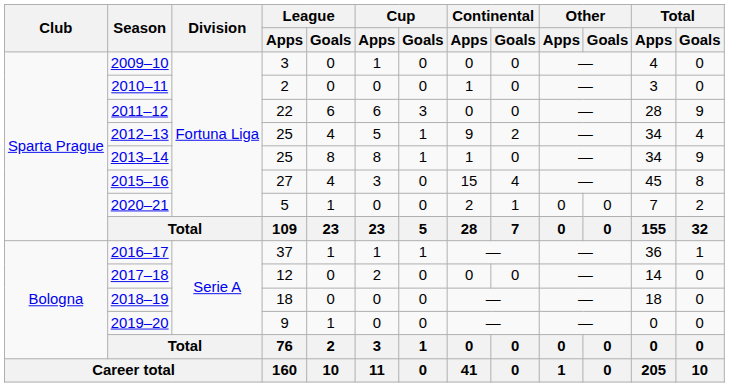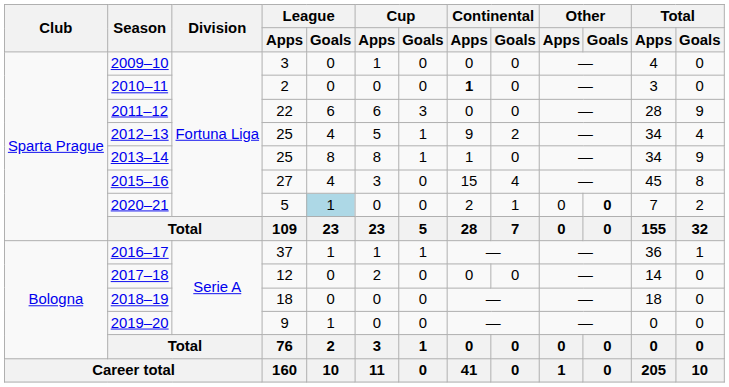 <table class="wikitable" style="text-align:center">
 <tr>
 <th rowspan="2">Club</th>
 <th rowspan="2">Season</th>
 <th rowspan="2">Division</th>
 <th colspan="2">League</th>
 <th colspan="2">Cup</th>
 <th colspan="2">Continental</th>
 <th colspan="2">Other</th>
 <th colspan="2">Total</th>
 </tr>
 <tr>
 <th>Apps</th>
 <th>Goals</th>
 <th>Apps</th>
 <th>Goals</th>
 <th>Apps</th>
 <th>Goals</th>
 <th>Apps</th>
 <th>Goals</th>
 <th>Apps</th>
 <th>Goals</th>
 </tr>
 <tr>
 <td rowspan="8"><a href='#'>Sparta Prague</a></td>
 <td><a href='#'>2009–10</a></td>
 <td rowspan="7"><a href='#'>Fortuna Liga</a></td>
 <td>3</td>
 <td>0</td>
 <td>1</td>
 <td>0</td>
 <td>0</td>
 <td>0</td>
 <td colspan="2">—</td>
 <td>4</td>
 <td>0</td>
 </tr>
 <tr>
 <td><a href='#'>2010–11</a></td>
 <td>2</td>
 <td>0</td>
 <td>0</td>
 <td>0</td>
-<td>1</td>
+<td><strong>1</strong></td>
 <td>0</td>
 <td colspan="2">—</td>
 <td>3</td>
 <td>0</td>
 </tr>
 <tr>
 <td><a href='#'>2011–12</a></td>
 <td>22</td>
 <td>6</td>
 <td>6</td>
 <td>3</td>
 <td>0</td>
 <td>0</td>
 <td colspan="2">—</td>
 <td>28</td>
 <td>9</td>
 </tr>
 <tr>
 <td><a href='#'>2012–13</a></td>
 <td>25</td>
 <td>4</td>
 <td>5</td>
 <td>1</td>
 <td>9</td>
 <td>2</td>
 <td colspan="2">—</td>
 <td>34</td>
 <td>4</td>
 </tr>
 <tr>
 <td><a href='#'>2013–14</a></td>
 <td>25</td>
 <td>8</td>
 <td>8</td>
 <td>1</td>
 <td>1</td>
 <td>0</td>
 <td colspan="2">—</td>
 <td>34</td>
 <td>9</td>
 </tr>
 <tr>
 <td><a href='#'>2015–16</a></td>
 <td>27</td>
 <td>4</td>
 <td>3</td>
 <td>0</td>
 <td>15</td>
 <td>4</td>
 <td colspan="2">—</td>
 <td>45</td>
 <td>8</td>
 </tr>
 <tr>
 <td><a href='#'>2020–21</a></td>
 <td>5</td>
-<td>1</td>
+<td style="background: lightblue;">1</td>
 <td>0</td>
 <td>0</td>
 <td>2</td>
 <td>1</td>
 <td>0</td>
-<td>0</td>
+<td><strong>0</strong></td>
 <td>7</td>
 <td>2</td>
 </tr>
 <tr>
 <th colspan="2">Total</th>
 <th>109</th>
 <th>23</th>
 <th>23</th>
 <th>5</th>
 <th>28</th>
 <th>7</th>
 <th>0</th>
 <th>0</th>
 <th>155</th>
 <th>32</th>
 </tr>
 <tr>
 <td rowspan="5"><a href='#'>Bologna</a></td>
 <td><a href='#'>2016–17</a></td>
 <td rowspan="4"><a href='#'>Serie A</a></td>
 <td>37</td>
 <td>1</td>
 <td>1</td>
 <td>1</td>
 <td colspan="2">—</td>
 <td colspan="2">—</td>
 <td>36</td>
 <td>1</td>
 </tr>
 <tr>
 <td><a href='#'>2017–18</a></td>
 <td>12</td>
 <td>0</td>
 <td>2</td>
 <td>0</td>
 <td>0</td>
 <td>0</td>
 <td colspan="2">—</td>
 <td>14</td>
 <td>0</td>
 </tr>
 <tr>
 <td><a href='#'>2018–19</a></td>
 <td>18</td>
 <td>0</td>
 <td>0</td>
 <td>0</td>
 <td colspan="2">—</td>
 <td colspan="2">—</td>
 <td>18</td>
 <td>0</td>
 </tr>
 <tr>
 <td><a href='#'>2019–20</a></td>
 <td>9</td>
 <td>1</td>
 <td>0</td>
 <td 0>0</td>
 <td colspan="2">—</td>
 <td colspan="2">—</td>
 <td>0</td>
 <td>0</td>
 </tr>
 <tr>
 <th colspan="2">Total</th>
 <th>76</th>
 <th>2</th>
 <th>3</th>
 <th>1</th>
 <th>0</th>
 <th>0</th>
 <th>0</th>
 <th>0</th>
 <th>0</th>
 <th>0</th>
 </tr>
 <tr>
 <th colspan="3">Career total</th>
 <th>160</th>
 <th>10</th>
 <th>11</th>
 <th>0</th>
 <th>41</th>
 <th>0</th>
 <th>1</th>
 <th>0</th>
 <th>205</th>
 <th>10</th>
 </tr>
 </table>
